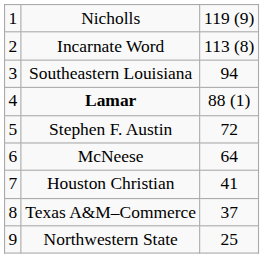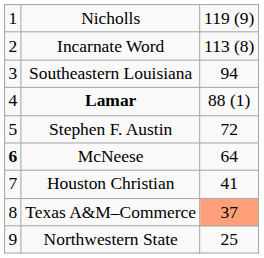 <table class="wikitable">
 <tr align="center">
 <td>1</td>
 <td>Nicholls</td>
 <td>119 (9)</td>
 </tr>
 <tr align="center">
 <td>2</td>
 <td>Incarnate Word</td>
 <td>113 (8)</td>
 </tr>
 <tr align="center">
 <td>3</td>
 <td>Southeastern Louisiana</td>
 <td>94</td>
 </tr>
 <tr align="center">
 <td>4</td>
 <td><strong>Lamar</strong></td>
 <td>88 (1)</td>
 </tr>
 <tr align="center">
 <td>5</td>
 <td>Stephen F. Austin</td>
 <td>72</td>
 </tr>
 <tr align="center">
-<td>6</td>
+<td><strong>6</strong></td>
 <td>McNeese</td>
 <td>64</td>
 </tr>
 <tr align="center">
 <td>7</td>
 <td>Houston Christian</td>
 <td>41</td>
 </tr>
 <tr align="center">
 <td>8</td>
 <td>Texas A&M–Commerce</td>
-<td>37</td>
+<td style="background: lightsalmon;">37</td>
 </tr>
 <tr align="center">
 <td>9</td>
 <td>Northwestern State</td>
 <td>25</td>
 </tr>
 </table>
